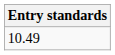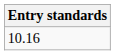 <table class="wikitable" border="1" align="upright">
 <tr>
 <th>Entry standards</th>
 </tr>
 <tr>
-<td>10.49</td>
+<td>10.16</td>
 </tr>
 </table>
